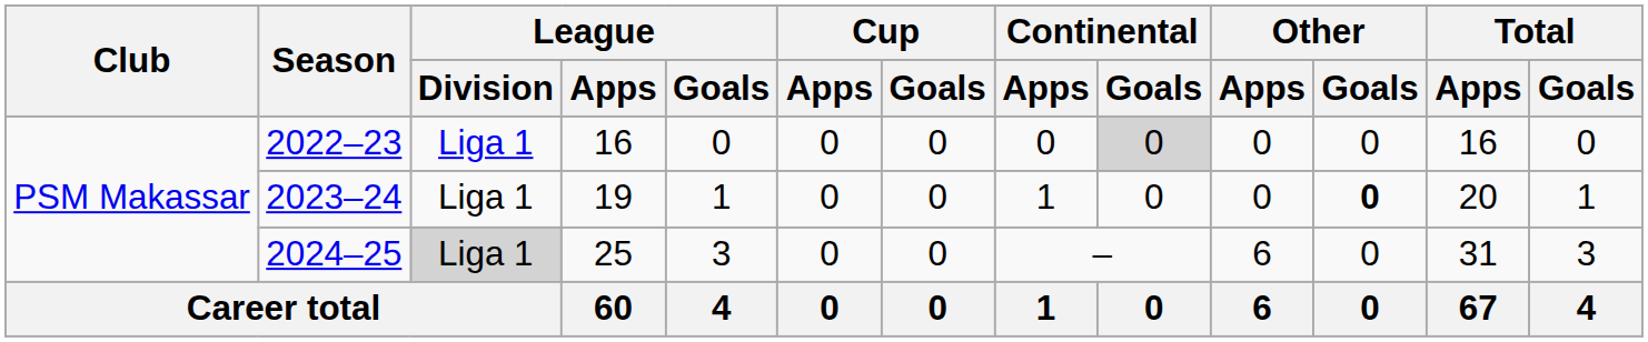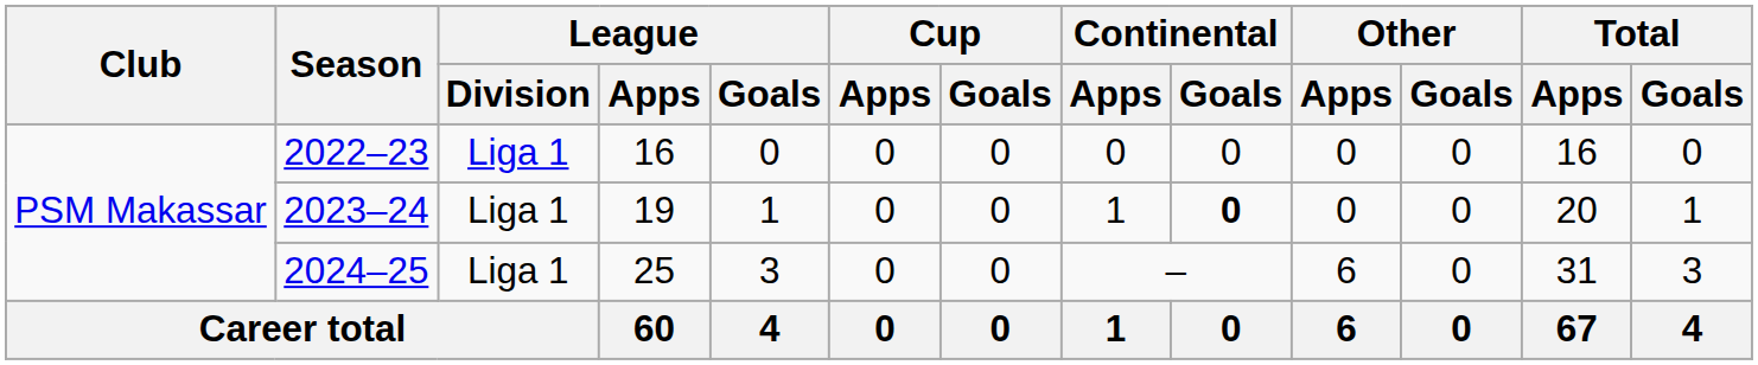 <table class="wikitable" style="text-align: center">
 <tr>
 <th rowspan="2">Club</th>
 <th rowspan="2">Season</th>
 <th colspan="3">League</th>
 <th colspan="2">Cup</th>
 <th colspan="2">Continental</th>
 <th colspan="2">Other</th>
 <th colspan="2">Total</th>
 </tr>
 <tr>
 <th>Division</th>
 <th>Apps</th>
 <th>Goals</th>
 <th>Apps</th>
 <th>Goals</th>
 <th>Apps</th>
 <th>Goals</th>
 <th>Apps</th>
 <th>Goals</th>
 <th>Apps</th>
 <th>Goals</th>
 </tr>
 <tr>
 <td rowspan="3"><a href='#'>PSM Makassar</a></td>
 <td><a href='#'>2022–23</a></td>
 <td rowspan="1" valign="center"><a href='#'>Liga 1</a></td>
 <td>16</td>
 <td>0</td>
 <td>0</td>
 <td>0</td>
 <td>0</td>
-<td style="background: lightgrey;">0</td>
+<td>0</td>
 <td>0</td>
 <td>0</td>
 <td>16</td>
 <td>0</td>
 </tr>
 <tr>
 <td><a href='#'>2023–24</a></td>
 <td>Liga 1</td>
 <td>19</td>
 <td>1</td>
 <td>0</td>
 <td>0</td>
 <td>1</td>
+<td><strong>0</strong></td>
 <td>0</td>
 <td>0</td>
-<td><strong>0</strong></td>
 <td>20</td>
 <td>1</td>
 </tr>
 <tr>
 <td><a href='#'>2024–25</a></td>
-<td style="background: lightgrey;">Liga 1</td>
+<td>Liga 1</td>
 <td>25</td>
 <td>3</td>
 <td>0</td>
 <td>0</td>
 <td colspan="2">–</td>
 <td>6</td>
 <td>0</td>
 <td>31</td>
 <td>3</td>
 </tr>
 <tr>
 <th colspan=3>Career total</th>
 <th>60</th>
 <th>4</th>
 <th>0</th>
 <th>0</th>
 <th>1</th>
 <th>0</th>
 <th>6</th>
 <th>0</th>
 <th>67</th>
 <th>4</th>
 </tr>
 </table>
